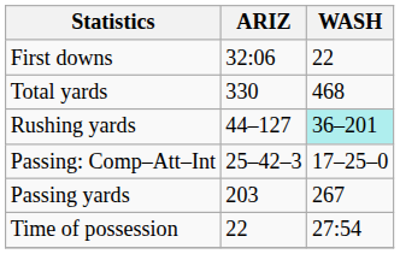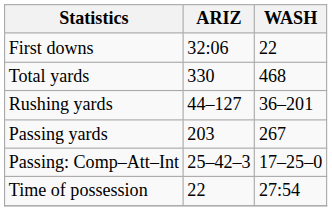 <table class="wikitable" style="float: left;">
 <tr>
 <th>Statistics</th>
 <th>ARIZ</th>
 <th>WASH</th>
 </tr>
 <tr>
 <td>First downs</td>
 <td>32:06</td>
 <td>22</td>
 </tr>
 <tr>
 <td>Total yards</td>
 <td>330</td>
 <td>468</td>
 </tr>
 <tr>
 <td>Rushing yards</td>
 <td>44–127</td>
-<td style="background: paleturquoise;">36–201</td>
+<td>36–201</td>
+</tr>
+<tr>
+<td>Passing yards</td>
+<td>203</td>
+<td>267</td>
 </tr>
 <tr>
 <td>Passing: Comp–Att–Int</td>
 <td>25–42–3</td>
 <td>17–25–0</td>
-</tr>
-<tr>
-<td>Passing yards</td>
-<td>203</td>
-<td>267</td>
 </tr>
 <tr>
 <td>Time of possession</td>
 <td>22</td>
 <td>27:54</td>
 </tr>
 <tr>
 </tr>
 </table>
